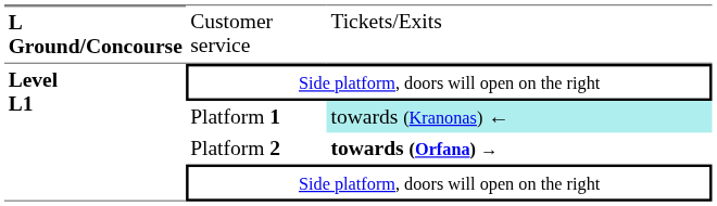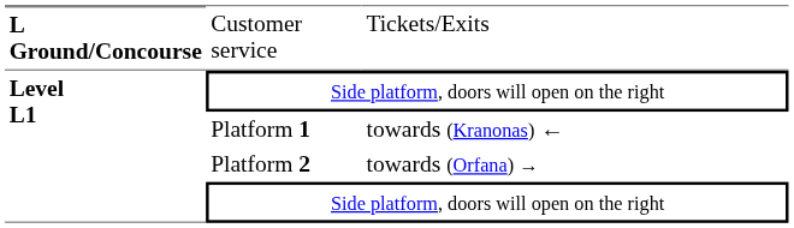 <table table border=0 cellspacing=0 cellpadding=3>
 <tr>
 <td style="border-bottom:solid 1px gray;border-top:solid 2px gray;" width=50 valign=top><strong>L<br>Ground/Concourse</strong></td>
 <td style="border-top:solid 1px gray;border-bottom:solid 1px gray;" width=100 valign=top>Customer service</td>
 <td style="border-top:solid 1px gray;border-bottom:solid 1px gray;" width=285 valign=top>Tickets/Exits</td>
 </tr>
 <tr>
 <td style="border-bottom:solid 1px gray;" rowspan=4 valign=top><strong>Level<br>L1</strong></td>
 <td style="border-top:solid 2px black;border-right:solid 2px black;border-left:solid 2px black;border-bottom:solid 2px black;text-align:center;" colspan=2><small><a href='#'>Side platform</a>, doors will open on the right</small></td>
 </tr>
 <tr>
 <td>Platform <span><strong>1</strong></span></td>
-<td style="background: paleturquoise;"> towards  <small> (<a href='#'>Kranonas</a>)</small> ←</td>
+<td> towards  <small> (<a href='#'>Kranonas</a>)</small> ←</td>
 </tr>
 <tr>
 <td>Platform <span><strong>2</strong></span></td>
-<td><strong> towards  <small> (<a href='#'>Orfana</a>) →</small></strong></td>
+<td> towards  <small> (<a href='#'>Orfana</a>) →</small></td>
 </tr>
 <tr>
 <td style="border-top:solid 2px black;border-left:solid 2px black;border-right:solid 2px black;border-bottom:solid 2px black;text-align:center;" colspan=2><small><a href='#'>Side platform</a>, doors will open on the right</small></td>
 </tr>
 </table>
